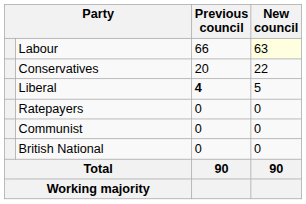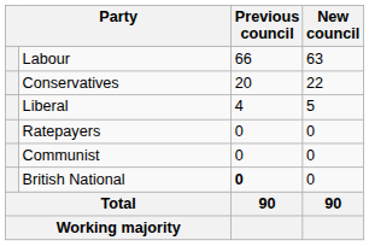 <table class="wikitable">
 <tr>
 <th valign=top colspan="2" style="width: 230px">Party</th>
 <th valign=top style="width: 30px">Previous council</th>
 <th valign=top style="width: 30px">New council</th>
 </tr>
 <tr>
 <th style="background-color: "></th>
 <td>Labour</td>
 <td>66</td>
-<td style="background: lightyellow;">63</td>
+<td>63</td>
 </tr>
 <tr>
 <th style="background-color: "></th>
 <td>Conservatives</td>
 <td>20</td>
 <td>22</td>
 </tr>
 <tr>
 <th style="background-color: "></th>
 <td>Liberal</td>
-<td><strong>4</strong></td>
+<td>4</td>
 <td>5</td>
 </tr>
 <tr>
 <th style="background-color: "></th>
 <td>Ratepayers</td>
 <td>0</td>
 <td>0</td>
 </tr>
 <tr>
 <th style="background-color: "></th>
 <td>Communist</td>
 <td>0</td>
 <td>0</td>
 </tr>
 <tr>
 <th style="background-color: "></th>
 <td>British National</td>
-<td>0</td>
+<td><strong>0</strong></td>
 <td>0</td>
 </tr>
 <tr>
 <th colspan=2>Total</th>
 <th style="text-align: center">90</th>
 <th colspan=3>90</th>
 </tr>
 <tr>
 <th colspan=2>Working majority</th>
 <th></th>
 <th></th>
 </tr>
 </table>
